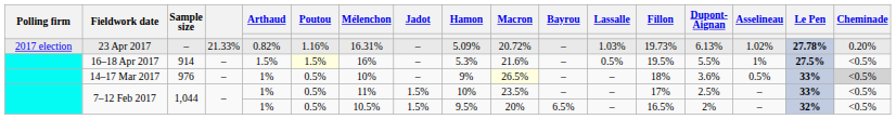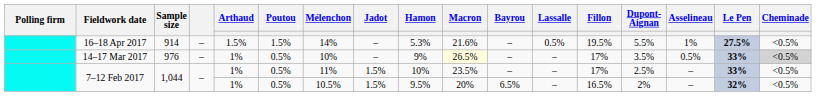 <table class="wikitable sortable" style="text-align:center;font-size:90%;line-height:14px;">
 <tr style="height:40px;">
 <th style="width:100px;" rowspan="2">Polling firm</th>
 <th style="width:110px;" rowspan="2">Fieldwork date</th>
 <th style="width:35px;" rowspan="2">Sample<br>size</th>
 <th style="width:30px;" rowspan="2"></th>
 <th class="unsortable" style="width:60px;"><a href='#'>Arthaud</a><br></th>
 <th class="unsortable" style="width:60px;"><a href='#'>Poutou</a><br></th>
 <th class="unsortable" style="width:60px;"><a href='#'>Mélenchon</a><br></th>
 <th class="unsortable" style="width:60px;"><a href='#'>Jadot</a><br></th>
 <th class="unsortable" style="width:60px;"><a href='#'>Hamon</a><br></th>
 <th class="unsortable" style="width:60px;"><a href='#'>Macron</a><br></th>
 <th class="unsortable" style="width:60px;"><a href='#'>Bayrou</a><br></th>
 <th class="unsortable" style="width:60px;"><a href='#'>Lassalle</a><br></th>
 <th class="unsortable" style="width:60px;"><a href='#'>Fillon</a><br></th>
 <th class="unsortable" style="width:60px;"><a href='#'>Dupont-Aignan</a><br></th>
 <th class="unsortable" style="width:60px;"><a href='#'>Asselineau</a><br></th>
 <th class="unsortable" style="width:60px;"><a href='#'>Le Pen</a><br></th>
 <th class="unsortable" style="width:60px;"><a href='#'>Cheminade</a><br></th>
 </tr>
 <tr>
 <th style="background:"></th>
 <th style="background:"></th>
 <th style="background:"></th>
 <th style="background:"></th>
 <th style="background:"></th>
 <th style="background:"></th>
 <th style="background:"></th>
 <th style="background:"></th>
 <th style="background:"></th>
 <th style="background:"></th>
 <th style="background:"></th>
 <th style="background:"></th>
 <th style="background:"></th>
 </tr>
-<tr style="background:#E9E9E9;">
-<td><a href='#'>2017 election</a></td>
-<td data-sort-value="2017-04-23">23 Apr 2017</td>
-<td>–</td>
-<td>21.33%</td>
-<td>0.82%</td>
-<td>1.16%</td>
-<td>16.31%</td>
-<td>–</td>
-<td>5.09%</td>
-<td>20.72%</td>
-<td>–</td>
-<td>1.03%</td>
-<td>19.73%</td>
-<td>6.13%</td>
-<td>1.02%</td>
-<td style="background:#C1CCE1;"><strong>27.78%</strong></td>
-<td>0.20%</td>
-</tr>
 <tr>
 <td style="background:#04FBF4;"></td>
 <td data-sort-value="2017-04-18">16–18 Apr 2017</td>
 <td>914</td>
 <td>–</td>
 <td>1.5%</td>
-<td style="background: lightyellow;">1.5%</td>
-<td>16%</td>
+<td>1.5%</td>
+<td>14%</td>
 <td>–</td>
 <td>5.3%</td>
 <td>21.6%</td>
 <td>–</td>
 <td>0.5%</td>
 <td>19.5%</td>
 <td>5.5%</td>
 <td>1%</td>
 <td style="background:#C1CCE1;"><strong>27.5%</strong></td>
 <td data-sort-value="0%"><0.5%</td>
 </tr>
 <tr>
 <td style="background:#04FBF4;"></td>
 <td data-sort-value="2017-03-17">14–17 Mar 2017</td>
 <td>976</td>
 <td>–</td>
 <td>1%</td>
 <td>0.5%</td>
 <td>10%</td>
 <td>–</td>
 <td>9%</td>
 <td style="background: lightyellow;">26.5%</td>
 <td>–</td>
 <td>–</td>
-<td>18%</td>
-<td>3.6%</td>
+<td>17%</td>
+<td>3.5%</td>
 <td>0.5%</td>
 <td style="background:#C1CCE1;"><strong>33%</strong></td>
 <td data-sort-value="0%" style="background: lightgrey;"><0.5%</td>
 </tr>
 <tr>
 <td rowspan="2" style="background:#04FBF4;"></td>
 <td rowspan="2" data-sort-value="2017-02-12">7–12 Feb 2017</td>
 <td rowspan="2">1,044</td>
 <td rowspan="2">–</td>
 <td>1%</td>
 <td>0.5%</td>
 <td>11%</td>
 <td>1.5%</td>
 <td>10%</td>
 <td>23.5%</td>
 <td>–</td>
 <td>–</td>
 <td>17%</td>
 <td>2.5%</td>
 <td>–</td>
 <td style="background:#C1CCE1;"><strong>33%</strong></td>
 <td data-sort-value="0%"><0.5%</td>
 </tr>
 <tr>
 <td>1%</td>
 <td>0.5%</td>
 <td>10.5%</td>
 <td>1.5%</td>
 <td>9.5%</td>
 <td>20%</td>
 <td>6.5%</td>
 <td>–</td>
 <td>16.5%</td>
 <td>2%</td>
 <td>–</td>
 <td style="background:#C1CCE1;"><strong>32%</strong></td>
 <td data-sort-value="0%"><0.5%</td>
 </tr>
 </table>
